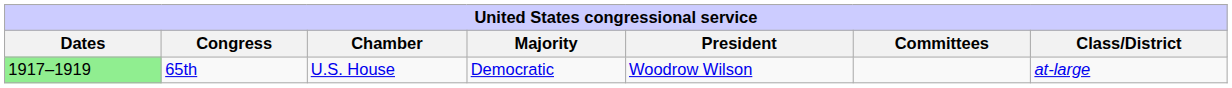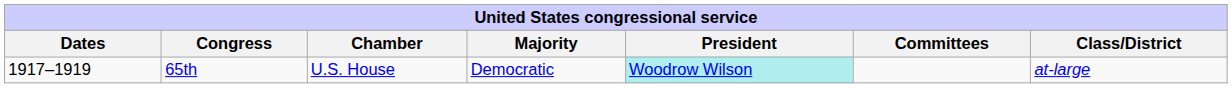 <table class=wikitable style="width: 94%" style="text-align: center;" align="center">
 <tr bgcolor=#cccccc>
 <th colspan=7 style="background: #ccccff;">United States congressional service</th>
 </tr>
 <tr>
 <th><strong>Dates</strong></th>
 <th><strong>Congress</strong></th>
 <th><strong>Chamber</strong></th>
 <th><strong>Majority</strong></th>
 <th><strong>President</strong></th>
 <th><strong>Committees</strong></th>
 <th><strong>Class/District</strong></th>
 </tr>
 <tr>
-<td style="background: lightgreen;">1917–1919</td>
+<td>1917–1919</td>
 <td><a href='#'>65th</a></td>
 <td><a href='#'>U.S. House</a></td>
 <td><a href='#'>Democratic</a></td>
-<td><a href='#'>Woodrow Wilson</a></td>
+<td style="background: paleturquoise;"><a href='#'>Woodrow Wilson</a></td>
 <td></td>
 <td><a href='#'><em>at-large</em></a></td>
 </tr>
 </table>
